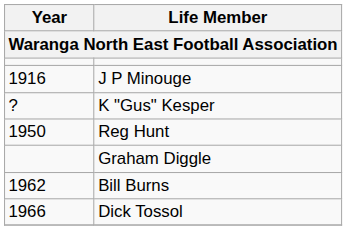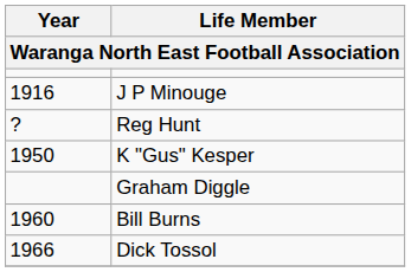 <table class="wikitable collapsible collapsed">
 <tr>
 <th>Year</th>
 <th>Life Member</th>
 </tr>
 <tr>
 <th colspan=2>Waranga North East Football Association</th>
 </tr>
 <tr>
 <td></td>
 <td></td>
 </tr>
 <tr>
 <td>1916</td>
 <td>J P Minouge</td>
 </tr>
 <tr>
 <td>?</td>
-<td>K "Gus" Kesper</td>
+<td>Reg Hunt</td>
 </tr>
 <tr>
 <td>1950</td>
-<td>Reg Hunt</td>
+<td>K "Gus" Kesper</td>
 </tr>
 <tr>
 <td></td>
 <td>Graham Diggle</td>
 </tr>
 <tr>
-<td>1962</td>
+<td>1960</td>
 <td>Bill Burns</td>
 </tr>
 <tr>
 <td>1966</td>
 <td>Dick Tossol</td>
 </tr>
 <tr>
 </tr>
 </table>
